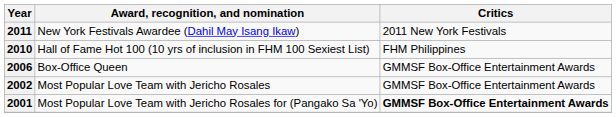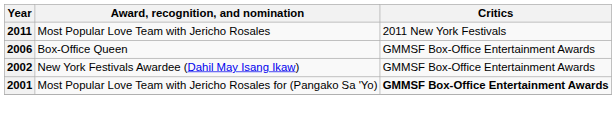 <table class="wikitable sortable plainrowheaders">
 <tr>
 <th scope="col">Year</th>
 <th scope="col">Award, recognition, and nomination</th>
 <th scope="col">Critics</th>
 </tr>
 <tr>
 <th scope="row">2011</th>
-<td>New York Festivals Awardee (<a href='#'>Dahil May Isang Ikaw</a>)</td>
+<td>Most Popular Love Team with Jericho Rosales</td>
 <td>2011 New York Festivals</td>
-</tr>
-<tr>
-<th scope="row">2010</th>
-<td>Hall of Fame Hot 100 (10 yrs of inclusion in FHM 100 Sexiest List)</td>
-<td>FHM Philippines</td>
 </tr>
 <tr>
 <th scope="row">2006</th>
 <td>Box-Office Queen</td>
 <td>GMMSF Box-Office Entertainment Awards</td>
 </tr>
 <tr>
 <th scope="row">2002</th>
-<td>Most Popular Love Team with Jericho Rosales</td>
+<td>New York Festivals Awardee (<a href='#'>Dahil May Isang Ikaw</a>)</td>
 <td>GMMSF Box-Office Entertainment Awards</td>
 </tr>
 <tr>
 <th scope="row">2001</th>
 <td>Most Popular Love Team with Jericho Rosales for (Pangako Sa 'Yo)</td>
 <td><strong>GMMSF Box-Office Entertainment Awards</strong></td>
 </tr>
 <tr>
 </tr>
 </table>
